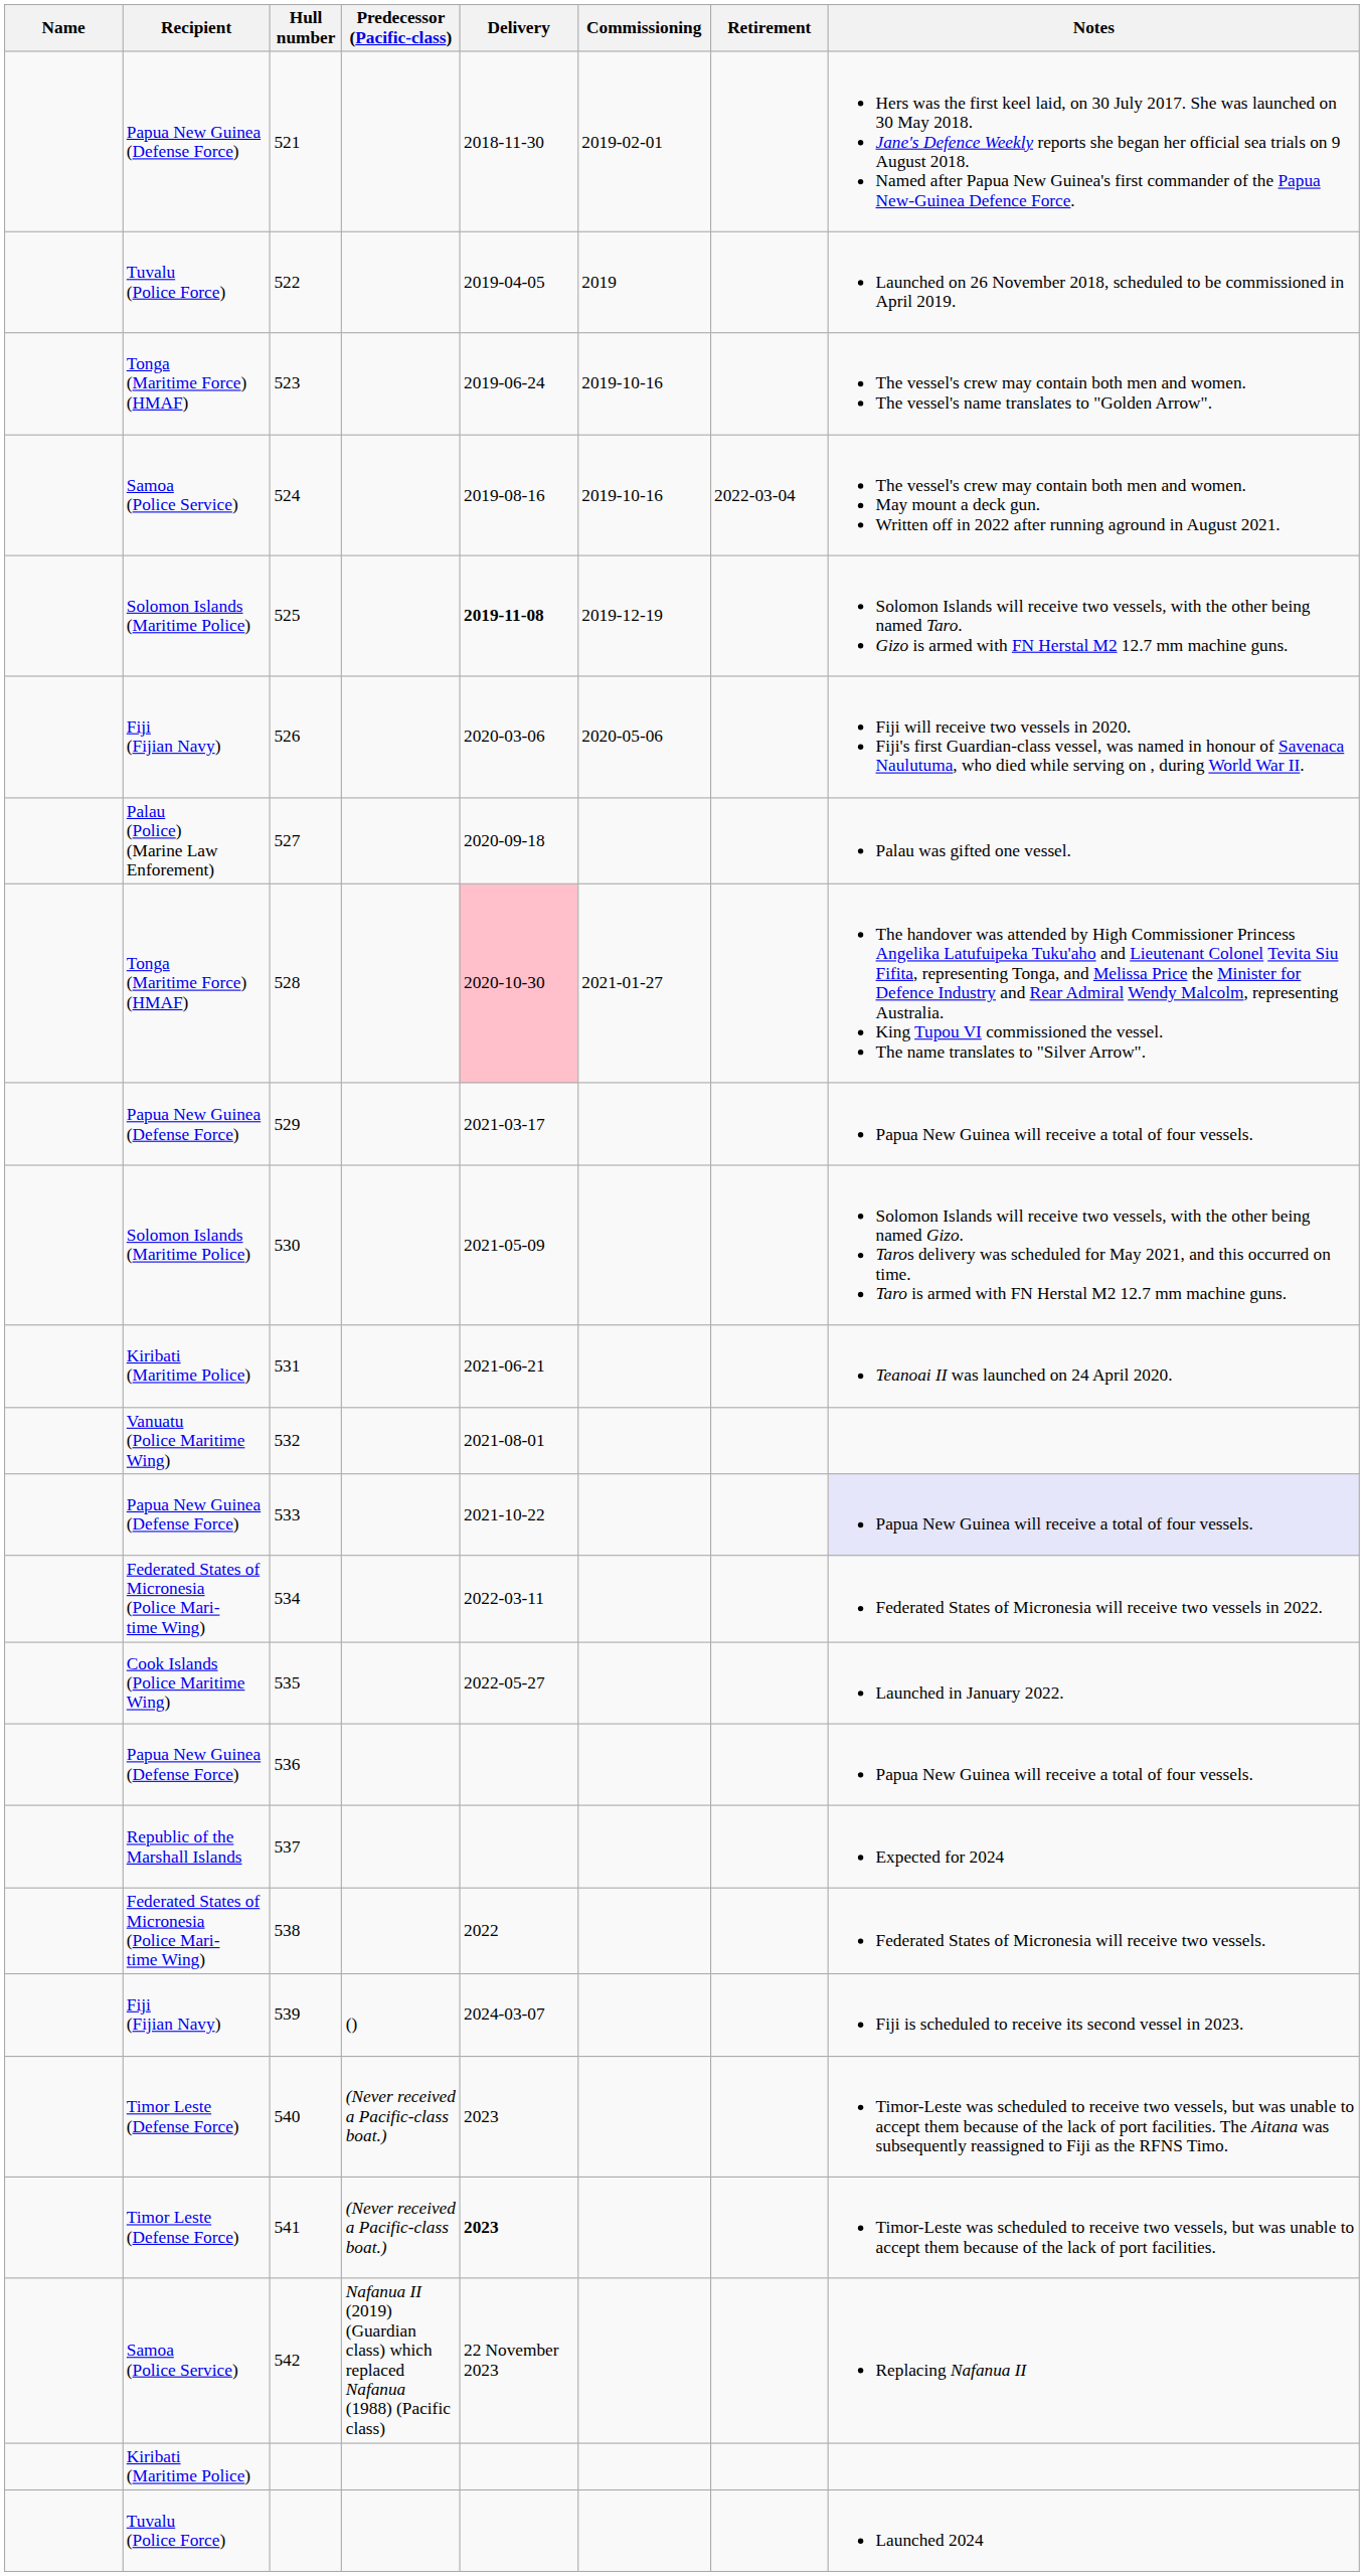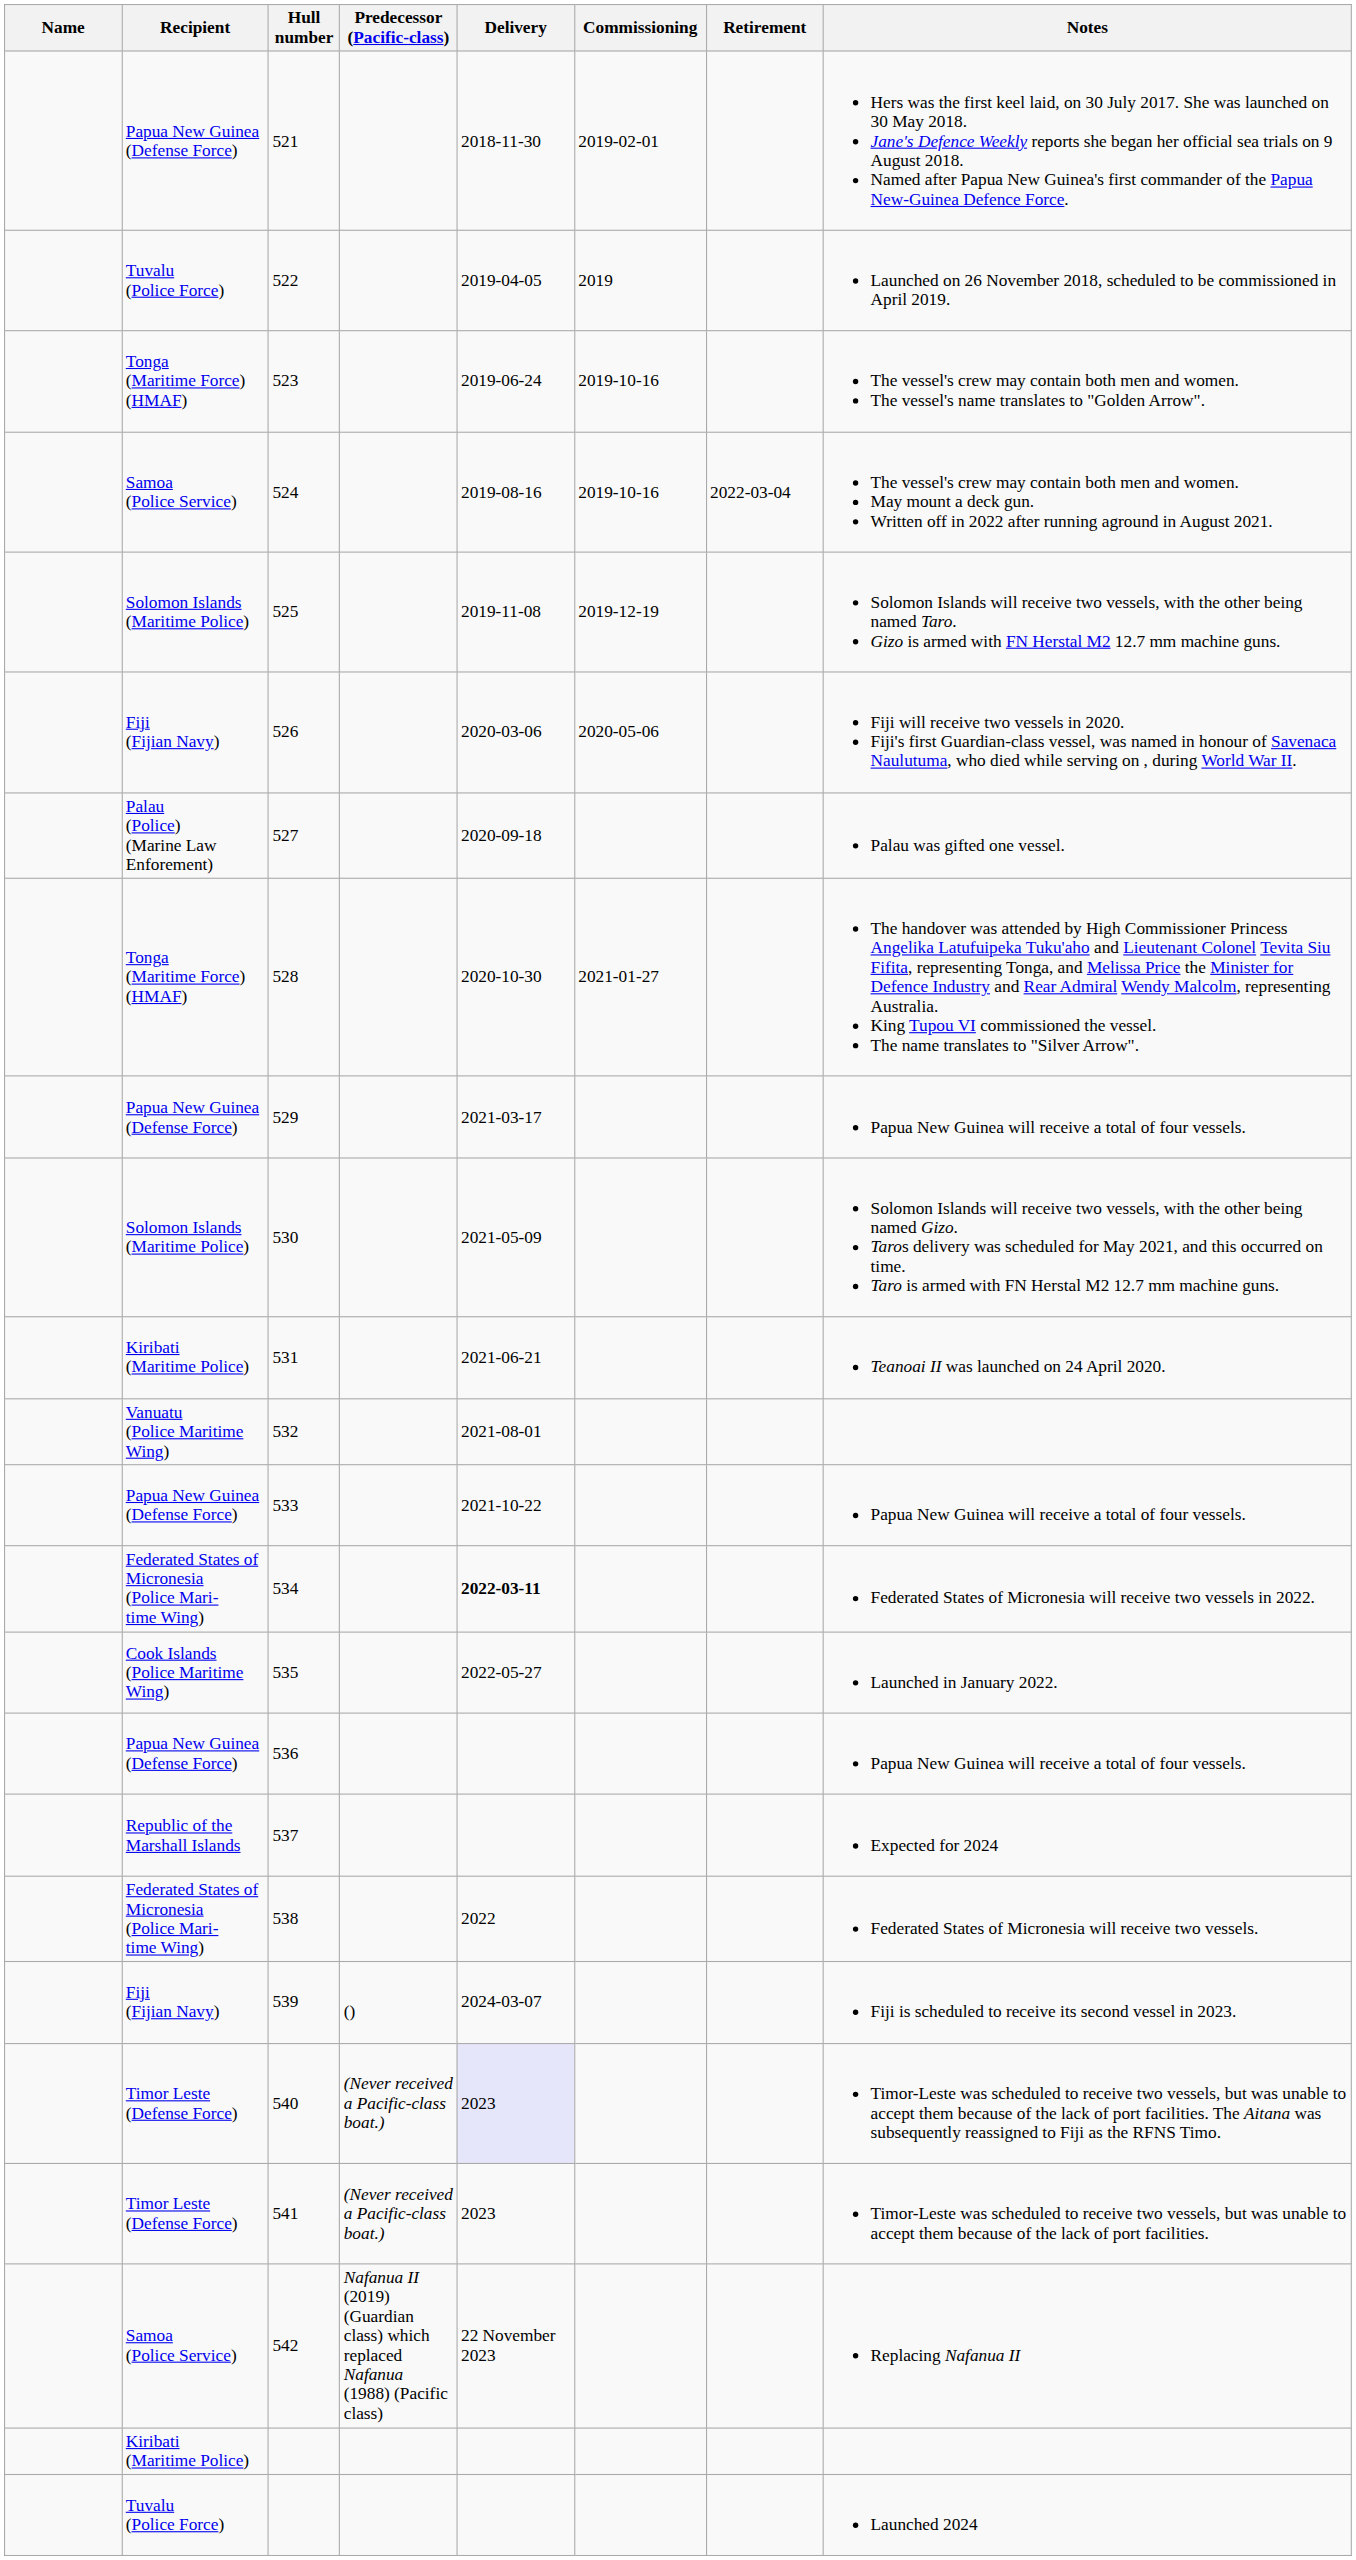 <table class="wikitable sortable">
 <tr>
 <th scope="col" style="width: 8%;"  class="unsortable">Name</th>
 <th scope="col" style="width: 10%;" class="sortable">Recipient</th>
 <th scope="col" style="width: 4%;"  class="sortable">Hull number</th>
 <th scope="col" style="width: 8%;"  class="unsortable">Predecessor <br> (<a href='#'>Pacific-class</a>)</th>
 <th scope="col" style="width: 8%;"  class="sortable"> Delivery </th>
 <th scope="col" style="width: 8%;"  class="sortable">Commissioning</th>
 <th scope="col" style="width: 8%;"  class="sortable">Retirement</th>
 <th scope="colgroup" colspan="2" style="width: 36%;" class="unsortable">      Notes      </th>
 </tr>
 <tr>
 <td></td>
 <td><a href='#'>Papua New Guinea</a><br>(<a href='#'>Defense Force</a>)</td>
 <td>521</td>
 <td></td>
 <td>2018-11-30</td>
 <td>2019-02-01</td>
 <td></td>
 <td><br><ul><li>Hers was the first keel laid, on 30 July 2017. She was launched on 30 May 2018.</li><li><em><a href='#'>Jane's Defence Weekly</a></em> reports she began her official sea trials on 9 August 2018.</li><li>Named after Papua New Guinea's first commander of the <a href='#'>Papua New-Guinea Defence Force</a>.</li></ul></td>
 </tr>
 <tr>
 <td></td>
 <td><a href='#'>Tuvalu</a><br>(<a href='#'>Police Force</a>)</td>
 <td>522</td>
 <td></td>
 <td>2019-04-05</td>
 <td>2019</td>
 <td></td>
 <td><br><ul><li>Launched on 26 November 2018, scheduled to be commissioned in April 2019.</li></ul></td>
 </tr>
 <tr>
 <td></td>
 <td><a href='#'>Tonga</a><br>(<a href='#'>Maritime Force</a>)<br>(<a href='#'>HMAF</a>)</td>
 <td>523</td>
 <td></td>
 <td>2019-06-24</td>
 <td>2019-10-16</td>
 <td></td>
 <td><br><ul><li>The vessel's crew may contain both men and women.</li><li>The vessel's name translates to "Golden Arrow".</li></ul></td>
 </tr>
 <tr>
 <td></td>
 <td><a href='#'>Samoa</a><br>(<a href='#'>Police Service</a>)</td>
 <td>524</td>
 <td></td>
 <td>2019-08-16</td>
 <td>2019-10-16</td>
 <td>2022-03-04</td>
 <td><br><ul><li>The vessel's crew may contain both men and women.</li><li>May mount a deck gun.</li><li>Written off in 2022 after running aground in August 2021.</li></ul></td>
 </tr>
 <tr>
 <td></td>
 <td><a href='#'>Solomon Islands</a><br>(<a href='#'>Maritime Police</a>)</td>
 <td>525</td>
 <td></td>
-<td><strong>2019-11-08</strong></td>
+<td>2019-11-08</td>
 <td>2019-12-19</td>
 <td></td>
 <td><br><ul><li>Solomon Islands will receive two vessels, with the other being named <em>Taro</em>.</li><li><em>Gizo</em> is armed with <a href='#'>FN Herstal M2</a> 12.7 mm machine guns.</li></ul></td>
 </tr>
 <tr>
 <td></td>
 <td><a href='#'>Fiji</a><br>(<a href='#'>Fijian Navy</a>)</td>
 <td>526</td>
 <td></td>
 <td>2020-03-06</td>
 <td>2020-05-06</td>
 <td></td>
 <td><br><ul><li>Fiji will receive two vessels in 2020.</li><li>Fiji's first Guardian-class vessel, was named in honour of <a href='#'>Savenaca Naulutuma</a>, who died while serving on , during <a href='#'>World War II</a>.</li></ul></td>
 </tr>
 <tr>
 <td></td>
 <td><a href='#'>Palau</a><br>(<a href='#'>Police</a>)<br>(Marine Law Enforement)</td>
 <td>527</td>
 <td></td>
 <td>2020-09-18</td>
 <td></td>
 <td></td>
 <td><br><ul><li>Palau was gifted one vessel.</li></ul></td>
 </tr>
 <tr>
 <td></td>
 <td><a href='#'>Tonga</a><br>(<a href='#'>Maritime Force</a>)<br>(<a href='#'>HMAF</a>)</td>
 <td>528</td>
 <td><br></td>
-<td style="background: pink;">2020-10-30</td>
+<td>2020-10-30</td>
 <td>2021-01-27</td>
 <td></td>
 <td><br><ul><li>The handover was attended by High Commissioner Princess <a href='#'>Angelika Latufuipeka Tuku'aho</a> and <a href='#'>Lieutenant Colonel</a> <a href='#'>Tevita Siu Fifita</a>, representing Tonga, and <a href='#'>Melissa Price</a> the <a href='#'>Minister for Defence Industry</a> and <a href='#'>Rear Admiral</a> <a href='#'>Wendy Malcolm</a>, representing Australia.</li><li>King <a href='#'>Tupou VI</a> commissioned the vessel.</li><li>The name translates to "Silver Arrow".</li></ul></td>
 </tr>
 <tr>
 <td></td>
 <td><a href='#'>Papua New Guinea</a><br>(<a href='#'>Defense Force</a>)</td>
 <td>529</td>
 <td></td>
 <td>2021-03-17</td>
 <td></td>
 <td></td>
 <td><br><ul><li>Papua New Guinea will receive a total of four vessels.</li></ul></td>
 </tr>
 <tr>
 <td></td>
 <td><a href='#'>Solomon Islands</a><br>(<a href='#'>Maritime Police</a>)</td>
 <td>530</td>
 <td></td>
 <td>2021-05-09</td>
 <td></td>
 <td></td>
 <td><br><ul><li>Solomon Islands will receive two vessels, with the other being named <em>Gizo</em>.</li><li><em>Taro</em>s delivery was scheduled for May 2021, and this occurred on time.</li><li><em>Taro</em> is armed with FN Herstal M2 12.7 mm machine guns.</li></ul></td>
 </tr>
 <tr>
 <td></td>
 <td><a href='#'>Kiribati</a><br>(<a href='#'>Maritime Police</a>)</td>
 <td>531</td>
 <td></td>
 <td>2021-06-21</td>
 <td></td>
 <td></td>
 <td><br><ul><li><em>Teanoai II</em> was launched on 24 April 2020.</li></ul></td>
 </tr>
 <tr>
 <td></td>
 <td><a href='#'>Vanuatu</a><br>(<a href='#'>Police Maritime Wing</a>)</td>
 <td>532</td>
 <td></td>
 <td>2021-08-01</td>
 <td></td>
 <td></td>
 <td><br></td>
 </tr>
 <tr>
 <td></td>
 <td><a href='#'>Papua New Guinea</a><br>(<a href='#'>Defense Force</a>)</td>
 <td>533</td>
 <td></td>
 <td>2021-10-22</td>
 <td></td>
 <td></td>
-<td style="background: lavender;"><br><ul><li>Papua New Guinea will receive a total of four vessels.</li></ul></td>
+<td><br><ul><li>Papua New Guinea will receive a total of four vessels.</li></ul></td>
 </tr>
 <tr>
 <td></td>
 <td><a href='#'>Federated States of Micronesia</a><br>(<a href='#'>Police Mari-<br>time Wing</a>)</td>
 <td>534</td>
 <td><br></td>
-<td>2022-03-11</td>
+<td><strong>2022-03-11</strong></td>
 <td></td>
 <td></td>
 <td><br><ul><li>Federated States of Micronesia will receive two vessels in 2022.</li></ul></td>
 </tr>
 <tr>
 <td></td>
 <td><a href='#'>Cook Islands</a><br>(<a href='#'>Police Maritime Wing</a>)</td>
 <td>535</td>
 <td></td>
 <td>2022-05-27</td>
 <td></td>
 <td></td>
 <td><br><ul><li>Launched in January 2022.</li></ul></td>
 </tr>
 <tr>
 <td></td>
 <td><a href='#'>Papua New Guinea</a><br>(<a href='#'>Defense Force</a>)</td>
 <td>536</td>
 <td></td>
 <td></td>
 <td></td>
 <td></td>
 <td><br><ul><li>Papua New Guinea will receive a total of four vessels.</li></ul></td>
 </tr>
 <tr>
 <td></td>
 <td><a href='#'>Republic of the Marshall Islands</a></td>
 <td>537</td>
 <td></td>
 <td></td>
 <td></td>
 <td></td>
 <td><br><ul><li>Expected for 2024</li></ul></td>
 </tr>
 <tr>
 <td></td>
 <td><a href='#'>Federated States of Micronesia</a><br>(<a href='#'>Police Mari-<br>time Wing</a>)</td>
 <td>538</td>
 <td></td>
 <td>2022</td>
 <td></td>
 <td></td>
 <td><br><ul><li>Federated States of Micronesia will receive two vessels.</li></ul></td>
 </tr>
 <tr>
 <td></td>
 <td><a href='#'>Fiji</a><br>(<a href='#'>Fijian Navy</a>)</td>
 <td>539</td>
 <td><br>()</td>
 <td>2024-03-07</td>
 <td></td>
 <td></td>
 <td><br><ul><li>Fiji is scheduled to receive its second vessel in 2023.</li></ul></td>
 </tr>
 <tr>
 <td></td>
 <td><a href='#'>Timor Leste</a><br>(<a href='#'>Defense Force</a>)</td>
 <td>540</td>
 <td><em>(Never received a Pacific-class boat.)</em></td>
-<td>2023</td>
+<td style="background: lavender;">2023</td>
 <td></td>
 <td></td>
 <td><br><ul><li>Timor-Leste was scheduled to receive two vessels, but was unable to accept them because of the lack of port facilities. The <em>Aitana</em> was subsequently reassigned to Fiji as the RFNS Timo.</li></ul></td>
 </tr>
 <tr>
 <td></td>
 <td><a href='#'>Timor Leste</a><br>(<a href='#'>Defense Force</a>)</td>
 <td>541</td>
 <td><em>(Never received a Pacific-class boat.)</em></td>
-<td><strong>2023</strong></td>
+<td>2023</td>
 <td></td>
 <td></td>
 <td><br><ul><li>Timor-Leste was scheduled to receive two vessels, but was unable to accept them because of the lack of port facilities.</li></ul></td>
 </tr>
 <tr>
 <td></td>
 <td><a href='#'>Samoa</a><br>(<a href='#'>Police Service</a>)</td>
 <td>542</td>
 <td><em>Nafanua II</em> (2019) (Guardian class) which replaced <em>Nafanua</em> (1988) (Pacific class)</td>
 <td>22 November 2023</td>
 <td></td>
 <td></td>
 <td><br><ul><li>Replacing <em>Nafanua II</em></li></ul></td>
 </tr>
 <tr>
 <td></td>
 <td><a href='#'>Kiribati</a><br>(<a href='#'>Maritime Police</a>)</td>
 <td></td>
 <td></td>
 <td></td>
 <td></td>
 <td></td>
 <td><br></td>
 </tr>
 <tr>
 <td></td>
 <td><a href='#'>Tuvalu</a><br>(<a href='#'>Police Force</a>)</td>
 <td></td>
 <td></td>
 <td></td>
 <td></td>
 <td></td>
 <td><br><ul><li>Launched 2024</li></ul></td>
 </tr>
 </table>
